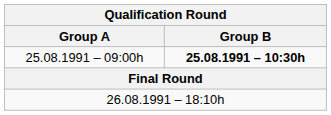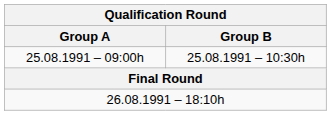 <table class="wikitable" style=" text-align:center; font-size:110%;" width="35%">
 <tr>
 <th colspan="2">Qualification Round</th>
 </tr>
 <tr>
 <th>Group A</th>
 <th>Group B</th>
 </tr>
 <tr>
 <td>25.08.1991 – 09:00h</td>
-<td><strong>25.08.1991 – 10:30h</strong></td>
+<td>25.08.1991 – 10:30h</td>
 </tr>
 <tr>
 <th colspan="2">Final Round</th>
 </tr>
 <tr>
 <td colspan="2">26.08.1991 – 18:10h</td>
 </tr>
 </table>
